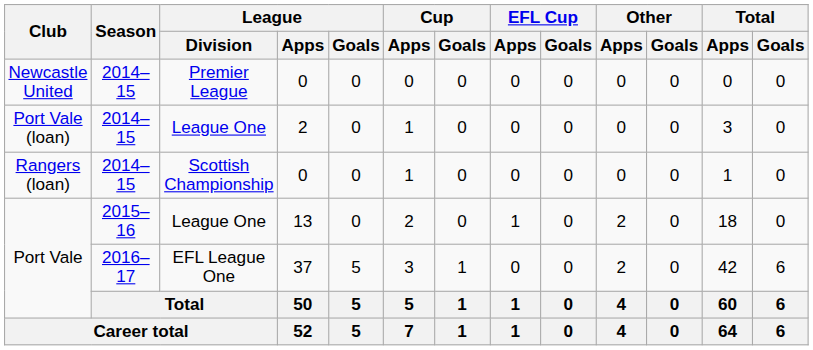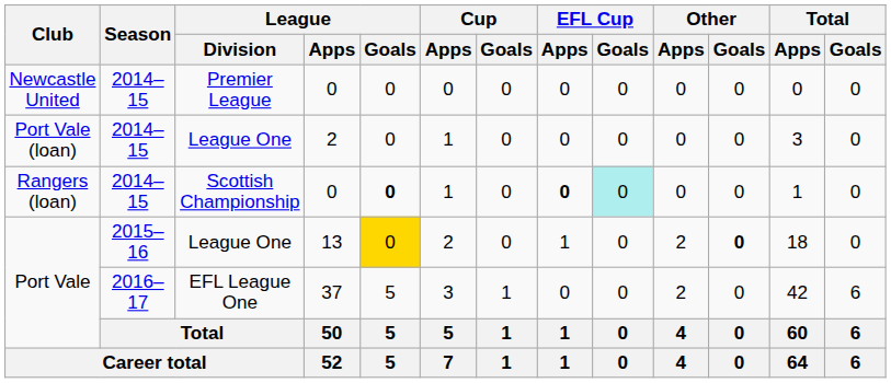 <table class="wikitable" style="text-align: center;">
 <tr>
 <th rowspan=2>Club</th>
 <th rowspan=2>Season</th>
 <th colspan=3>League</th>
 <th colspan=2>Cup</th>
 <th colspan=2><a href='#'>EFL Cup</a></th>
 <th colspan=2>Other</th>
 <th colspan=2>Total</th>
 </tr>
 <tr>
 <th>Division</th>
 <th>Apps</th>
 <th>Goals</th>
 <th>Apps</th>
 <th>Goals</th>
 <th>Apps</th>
 <th>Goals</th>
 <th>Apps</th>
 <th>Goals</th>
 <th>Apps</th>
 <th>Goals</th>
 </tr>
 <tr>
 <td><a href='#'>Newcastle United</a></td>
 <td><a href='#'>2014–15</a></td>
 <td><a href='#'>Premier League</a></td>
 <td>0</td>
 <td>0</td>
 <td>0</td>
 <td>0</td>
 <td>0</td>
 <td>0</td>
 <td>0</td>
 <td>0</td>
 <td>0</td>
 <td>0</td>
 </tr>
 <tr>
 <td><a href='#'>Port Vale</a> (loan)</td>
 <td><a href='#'>2014–15</a></td>
 <td><a href='#'>League One</a></td>
 <td>2</td>
 <td>0</td>
 <td>1</td>
 <td>0</td>
 <td>0</td>
 <td>0</td>
 <td>0</td>
 <td>0</td>
 <td>3</td>
 <td>0</td>
 </tr>
 <tr>
 <td><a href='#'>Rangers</a> (loan)</td>
 <td><a href='#'>2014–15</a></td>
 <td><a href='#'>Scottish Championship</a></td>
 <td>0</td>
-<td>0</td>
+<td><strong>0</strong></td>
 <td>1</td>
 <td>0</td>
-<td>0</td>
-<td>0</td>
+<td><strong>0</strong></td>
+<td style="background: paleturquoise;">0</td>
 <td>0</td>
 <td>0</td>
 <td>1</td>
 <td>0</td>
 </tr>
 <tr>
 <td rowspan=3>Port Vale</td>
 <td><a href='#'>2015–16</a></td>
 <td>League One</td>
 <td>13</td>
-<td>0</td>
+<td style="background: gold;">0</td>
 <td>2</td>
 <td>0</td>
 <td>1</td>
 <td>0</td>
 <td>2</td>
-<td>0</td>
+<td><strong>0</strong></td>
 <td>18</td>
 <td>0</td>
 </tr>
 <tr>
 <td><a href='#'>2016–17</a></td>
 <td>EFL League One</td>
 <td>37</td>
 <td>5</td>
 <td>3</td>
 <td>1</td>
 <td>0</td>
 <td>0</td>
 <td>2</td>
 <td>0</td>
 <td>42</td>
 <td>6</td>
 </tr>
 <tr>
 <th colspan=2>Total</th>
 <th>50</th>
 <th>5</th>
 <th>5</th>
 <th>1</th>
 <th>1</th>
 <th>0</th>
 <th>4</th>
 <th>0</th>
 <th>60</th>
 <th>6</th>
 </tr>
 <tr>
 <th colspan=3>Career total</th>
 <th>52</th>
 <th>5</th>
 <th>7</th>
 <th>1</th>
 <th>1</th>
 <th>0</th>
 <th>4</th>
 <th>0</th>
 <th>64</th>
 <th>6</th>
 </tr>
 </table>
